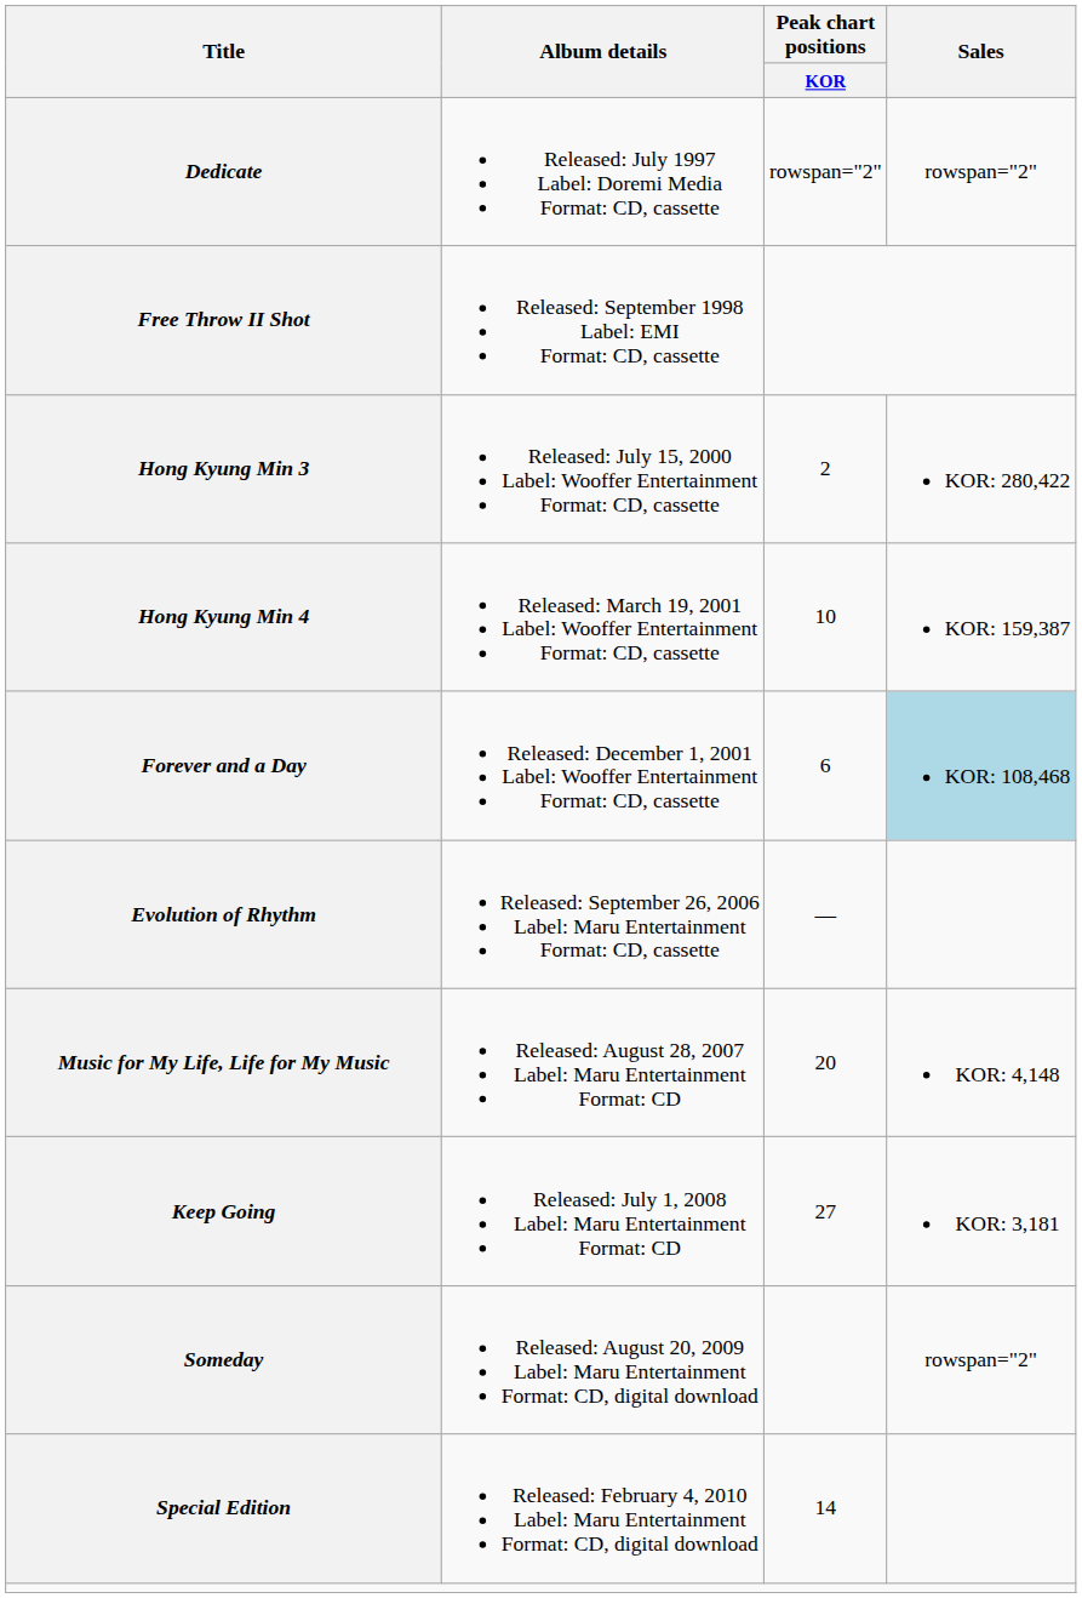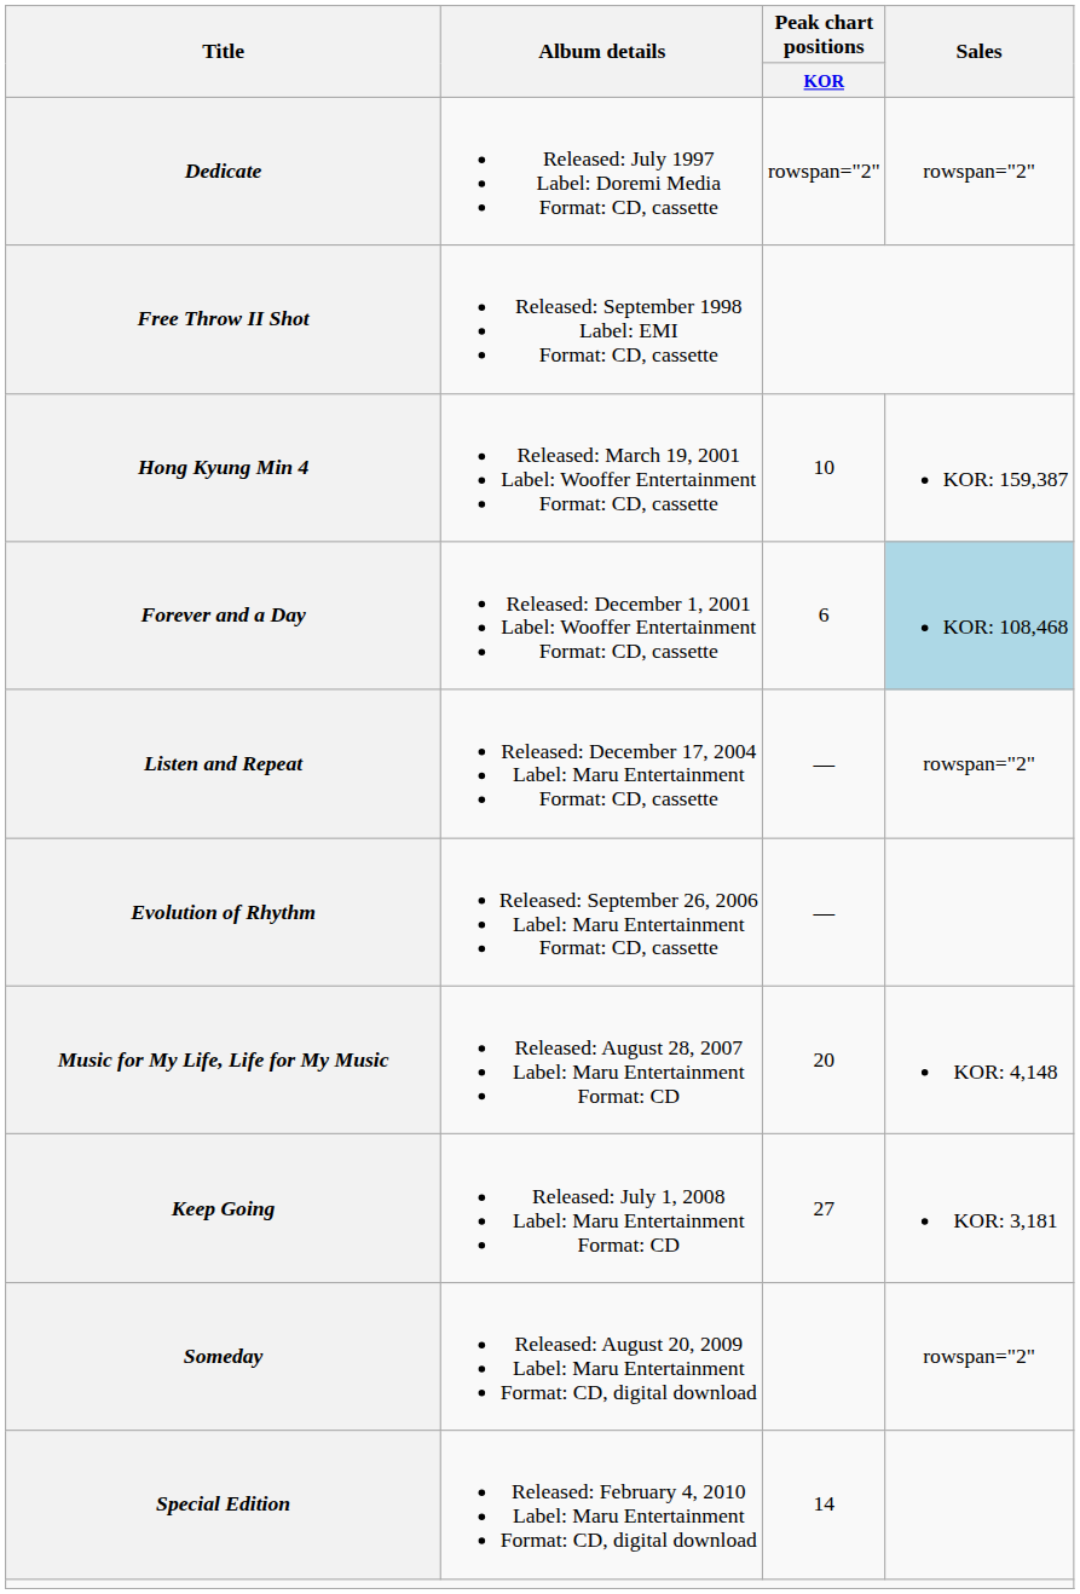 <table class="wikitable plainrowheaders" style="text-align:center;">
 <tr>
 <th scope="col" rowspan="2" style="width:20em;">Title</th>
 <th scope="col" rowspan="2">Album details</th>
 <th scope="col" colspan="1" style="width:5em;">Peak chart positions</th>
 <th scope="col" rowspan="2">Sales</th>
 </tr>
 <tr>
 <th><small><a href='#'>KOR</a></small><br></th>
 </tr>
 <tr>
 <th scope="row"><em>Dedicate</em></th>
 <td><br><ul><li>Released: July 1997</li><li>Label: Doremi Media</li><li>Format: CD, cassette</li></ul></td>
 <td>rowspan="2" </td>
 <td>rowspan="2" </td>
 </tr>
 <tr>
 <th scope="row"><em>Free Throw II Shot</em></th>
 <td><br><ul><li>Released: September 1998</li><li>Label: EMI</li><li>Format: CD, cassette</li></ul></td>
 </tr>
 <tr>
-<th scope="row"><em>Hong Kyung Min 3</em></th>
-<td><br><ul><li>Released: July 15, 2000</li><li>Label: Wooffer Entertainment</li><li>Format: CD, cassette</li></ul></td>
-<td>2</td>
-<td><br><ul><li>KOR: 280,422</li></ul></td>
-</tr>
-<tr>
 <th scope="row"><em>Hong Kyung Min 4</em></th>
 <td><br><ul><li>Released: March 19, 2001</li><li>Label: Wooffer Entertainment</li><li>Format: CD, cassette</li></ul></td>
 <td>10</td>
 <td><br><ul><li>KOR: 159,387</li></ul></td>
 </tr>
 <tr>
 <th scope="row"><em>Forever and a Day</em></th>
 <td><br><ul><li>Released: December 1, 2001</li><li>Label: Wooffer Entertainment</li><li>Format: CD, cassette</li></ul></td>
 <td>6</td>
 <td style="background: lightblue;"><br><ul><li>KOR: 108,468</li></ul></td>
+</tr>
+<tr>
+<th scope="row"><em>Listen and Repeat</em></th>
+<td><br><ul><li>Released: December 17, 2004</li><li>Label: Maru Entertainment</li><li>Format: CD, cassette</li></ul></td>
+<td>—</td>
+<td>rowspan="2" </td>
 </tr>
 <tr>
 <th scope="row"><em>Evolution of Rhythm</em></th>
 <td><br><ul><li>Released: September 26, 2006</li><li>Label: Maru Entertainment</li><li>Format: CD, cassette</li></ul></td>
 <td>—</td>
 </tr>
 <tr>
 <th scope="row"><em>Music for My Life, Life for My Music</em></th>
 <td><br><ul><li>Released: August 28, 2007</li><li>Label: Maru Entertainment</li><li>Format: CD</li></ul></td>
 <td>20</td>
 <td><br><ul><li>KOR: 4,148</li></ul></td>
 </tr>
 <tr>
 <th scope="row"><em>Keep Going</em></th>
 <td><br><ul><li>Released: July 1, 2008</li><li>Label: Maru Entertainment</li><li>Format: CD</li></ul></td>
 <td>27</td>
 <td><br><ul><li>KOR: 3,181</li></ul></td>
 </tr>
 <tr>
 <th scope="row"><em>Someday</em></th>
 <td><br><ul><li>Released: August 20, 2009</li><li>Label: Maru Entertainment</li><li>Format: CD, digital download</li></ul></td>
 <td></td>
 <td>rowspan="2" </td>
 </tr>
 <tr>
 <th scope="row"><em>Special Edition</em></th>
 <td><br><ul><li>Released: February 4, 2010</li><li>Label: Maru Entertainment</li><li>Format: CD, digital download</li></ul></td>
 <td>14</td>
 </tr>
 <tr>
 <td colspan="4"></td>
 </tr>
 <tr>
 </tr>
 </table>
